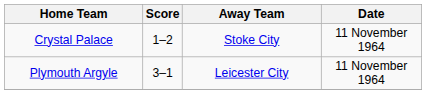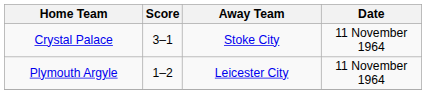 <table class="wikitable" style="text-align:center;">
 <tr>
 <th width=175>Home Team</th>
 <th width=20>Score</th>
 <th width=175>Away Team</th>
 <th width=125>Date</th>
 </tr>
 <tr>
 <td><a href='#'>Crystal Palace</a></td>
-<td>1–2</td>
+<td>3–1</td>
 <td><a href='#'>Stoke City</a></td>
 <td>11 November 1964</td>
 </tr>
 <tr>
 <td><a href='#'>Plymouth Argyle</a></td>
-<td>3–1</td>
+<td>1–2</td>
 <td><a href='#'>Leicester City</a></td>
 <td>11 November 1964</td>
 </tr>
 <tr>
 </tr>
 </table>
